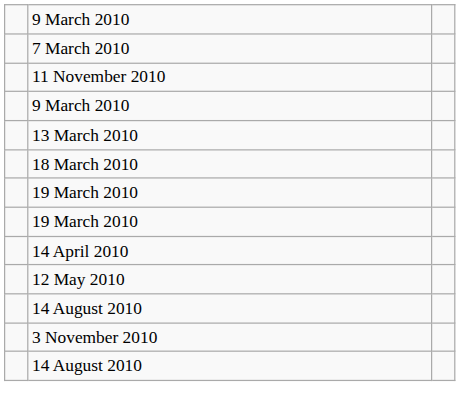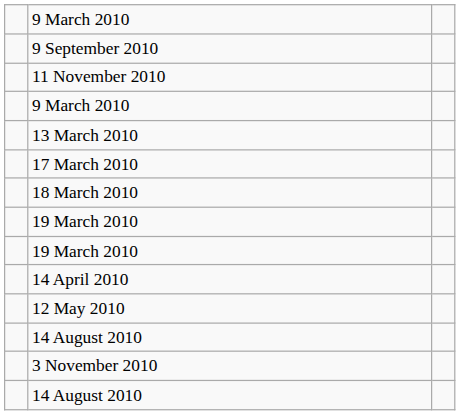 <table class="wikitable" style="font-size: 89%; float: left; width: 26em; margin-right: 1em; height: 224px;">
 <tr>
 <td></td>
 <td>9 March 2010</td>
 <td></td>
 </tr>
 <tr>
 <td></td>
-<td>7 March 2010</td>
+<td>9 September 2010</td>
 <td></td>
 </tr>
 <tr>
 <td></td>
 <td>11 November 2010</td>
 <td></td>
 </tr>
 <tr>
 <td></td>
 <td>9 March 2010</td>
 <td></td>
 </tr>
 <tr>
 <td></td>
 <td>13 March 2010</td>
+<td></td>
+</tr>
+<tr>
+<td></td>
+<td>17 March 2010</td>
 <td></td>
 </tr>
 <tr>
 <td></td>
 <td>18 March 2010</td>
 <td></td>
 </tr>
 <tr>
 <td></td>
 <td>19 March 2010</td>
 <td></td>
 </tr>
 <tr>
 <td></td>
 <td>19 March 2010</td>
 <td></td>
 </tr>
 <tr>
 <td></td>
 <td>14 April 2010</td>
 <td></td>
 </tr>
 <tr>
 <td></td>
 <td>12 May 2010</td>
 <td></td>
 </tr>
 <tr>
 <td></td>
 <td>14 August 2010</td>
 <td></td>
 </tr>
 <tr>
 <td></td>
 <td>3 November 2010</td>
 <td></td>
 </tr>
 <tr>
 <td></td>
 <td>14 August 2010</td>
 <td></td>
 </tr>
 </table>
